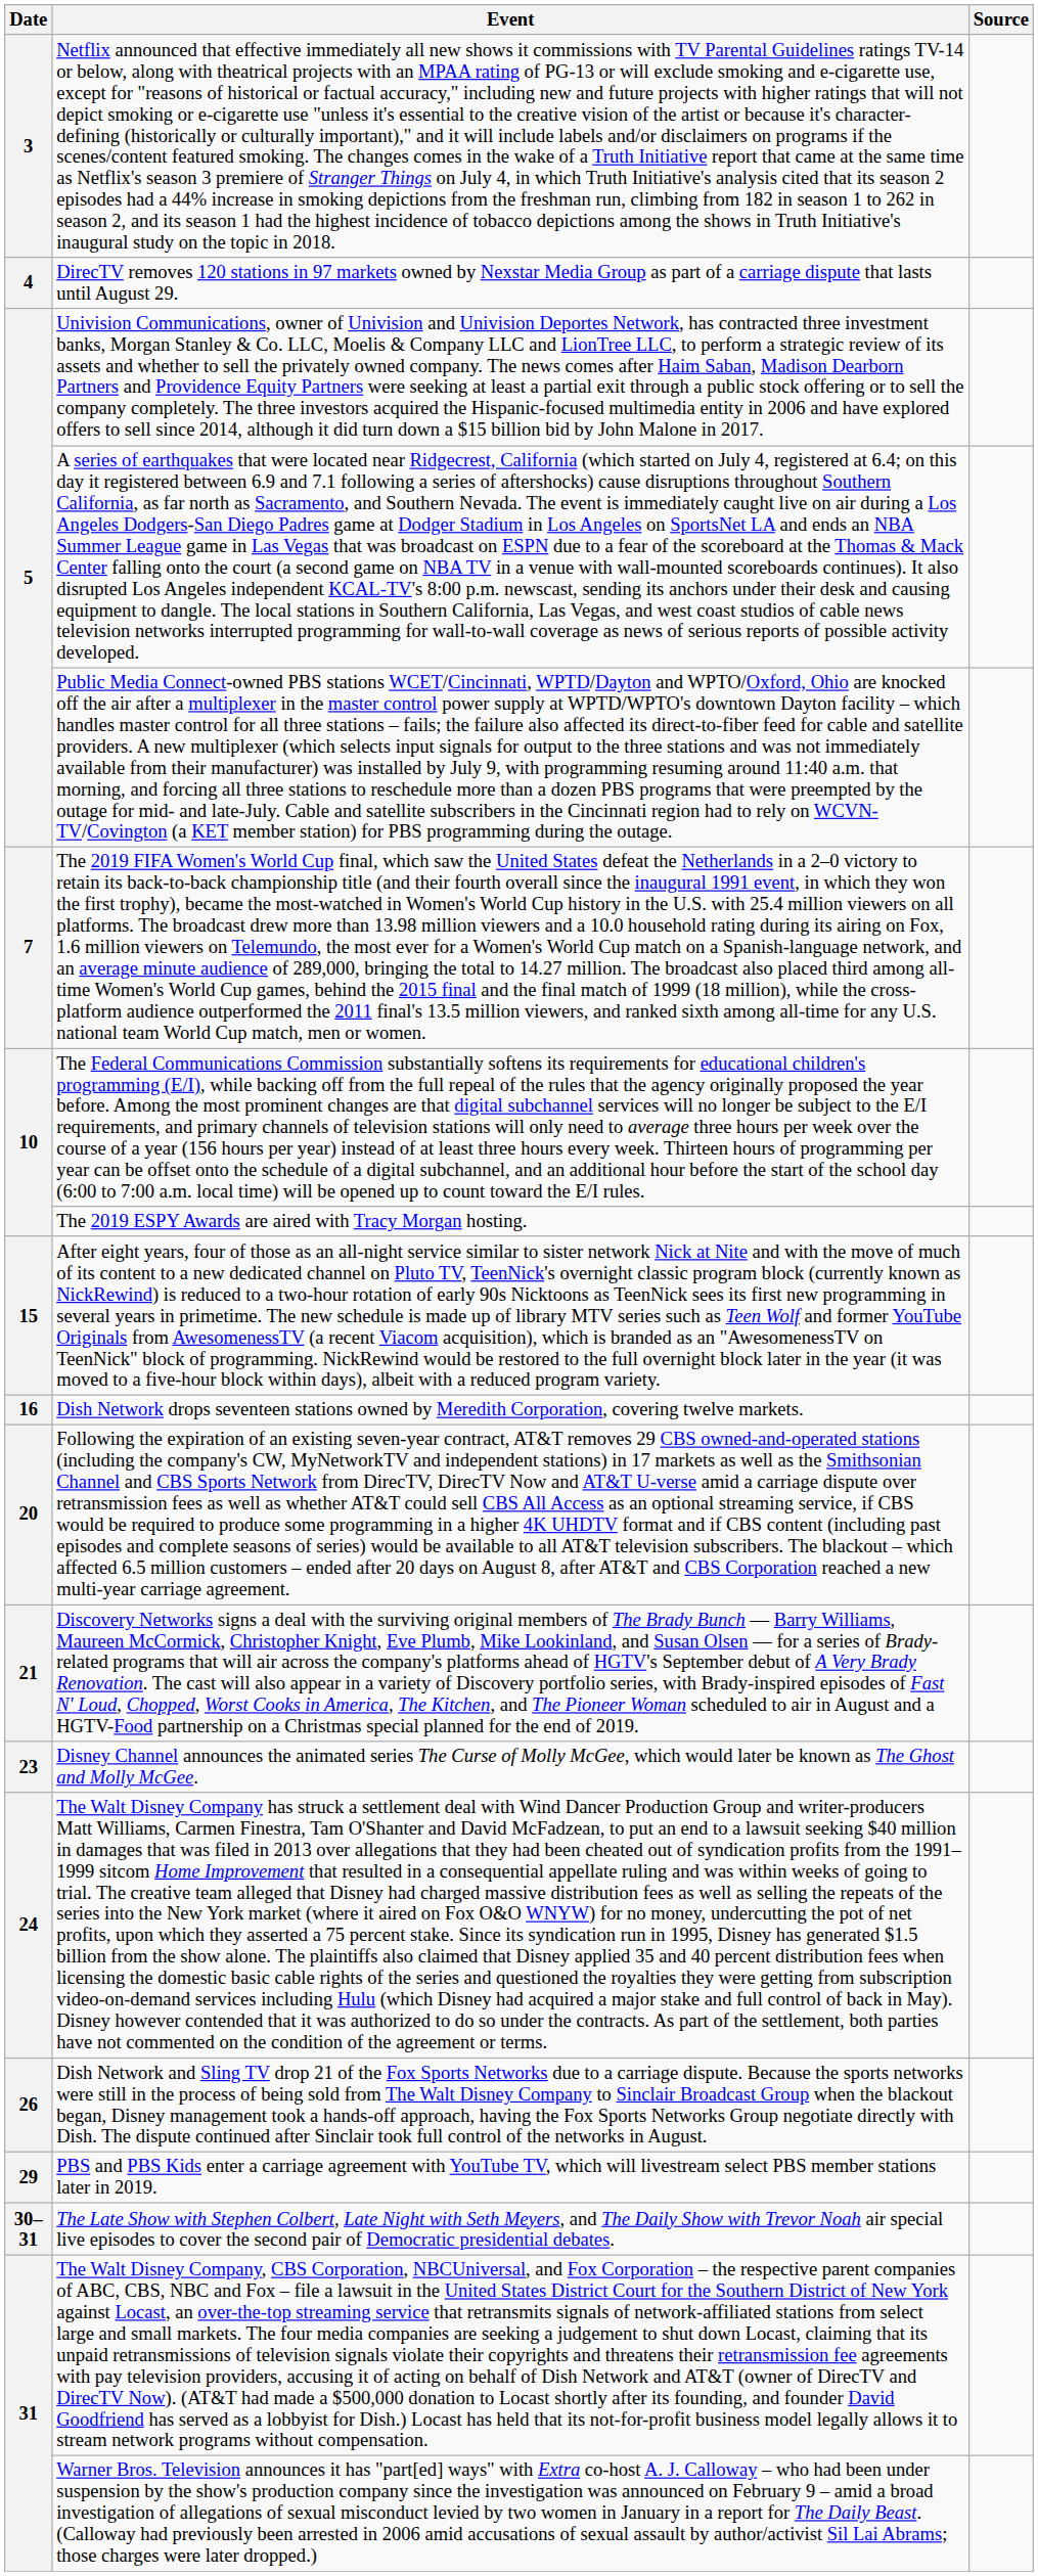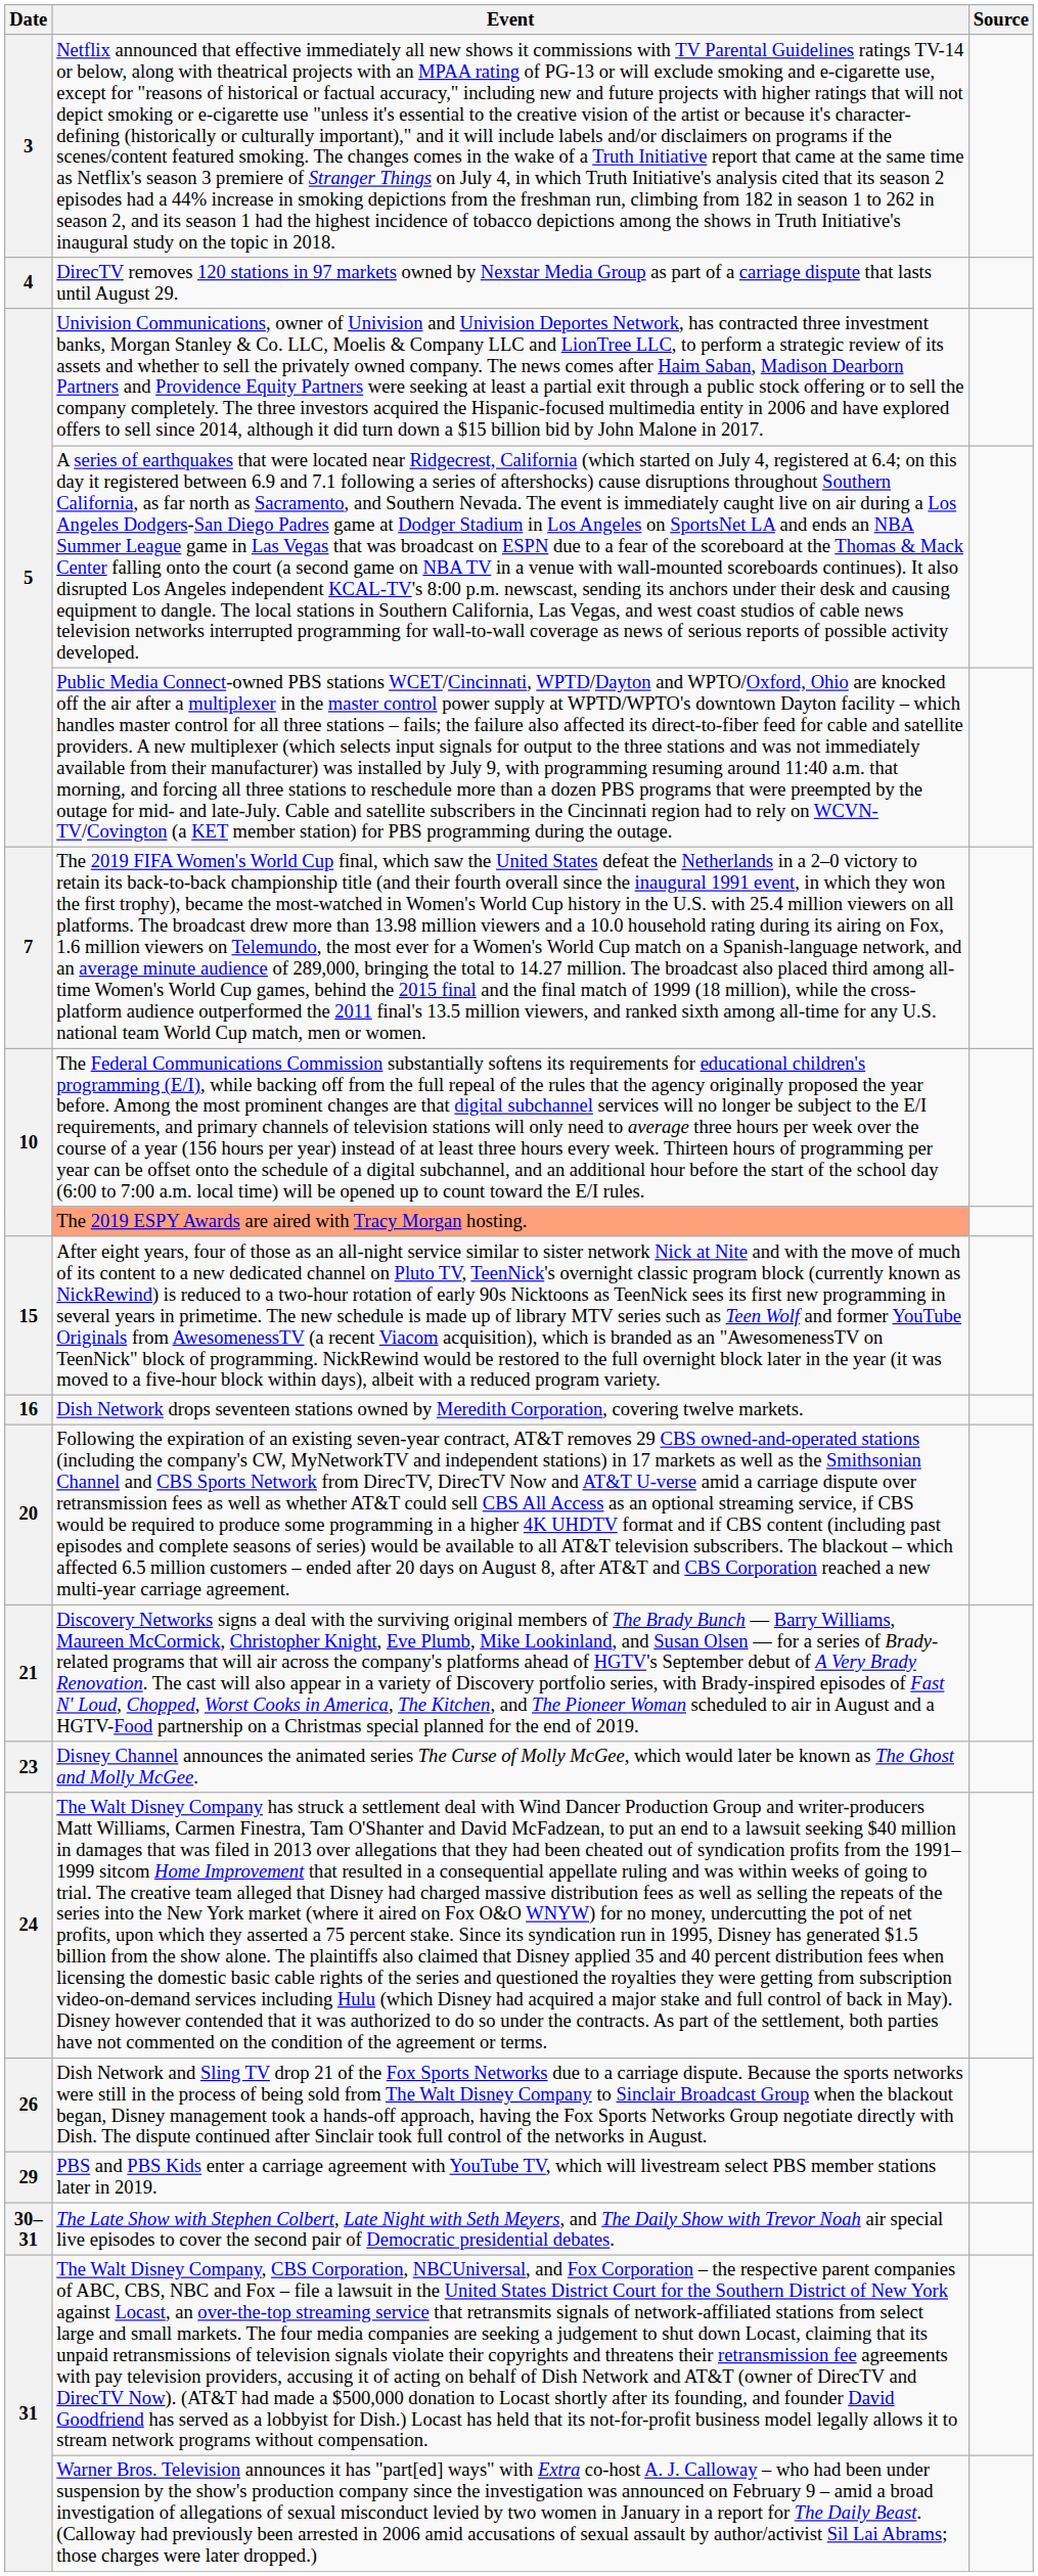 <table class="wikitable">
 <tr>
 <th>Date</th>
 <th>Event</th>
 <th>Source</th>
 </tr>
 <tr>
 <th>3</th>
 <td><a href='#'>Netflix</a> announced that effective immediately all new shows it commissions with <a href='#'>TV Parental Guidelines</a> ratings TV-14 or below, along with theatrical projects with an <a href='#'>MPAA rating</a> of PG-13 or will exclude smoking and e-cigarette use, except for "reasons of historical or factual accuracy," including new and future projects with higher ratings that will not depict smoking or e-cigarette use "unless it's essential to the creative vision of the artist or because it's character-defining (historically or culturally important)," and it will include labels and/or disclaimers on programs if the scenes/content featured smoking. The changes comes in the wake of a <a href='#'>Truth Initiative</a> report that came at the same time as Netflix's season 3 premiere of <em><a href='#'>Stranger Things</a></em> on July 4, in which Truth Initiative's analysis cited that its season 2 episodes had a 44% increase in smoking depictions from the freshman run, climbing from 182 in season 1 to 262 in season 2, and its season 1 had the highest incidence of tobacco depictions among the shows in Truth Initiative's inaugural study on the topic in 2018.</td>
 <td></td>
 </tr>
 <tr>
 <th>4</th>
 <td><a href='#'>DirecTV</a> removes <a href='#'>120 stations in 97 markets</a> owned by <a href='#'>Nexstar Media Group</a> as part of a <a href='#'>carriage dispute</a> that lasts until August 29.</td>
 <td></td>
 </tr>
 <tr>
 <th rowspan=3>5</th>
 <td><a href='#'>Univision Communications</a>, owner of <a href='#'>Univision</a> and <a href='#'>Univision Deportes Network</a>, has contracted three investment banks, Morgan Stanley & Co. LLC, Moelis & Company LLC and <a href='#'>LionTree LLC</a>, to perform a strategic review of its assets and whether to sell the privately owned company. The news comes after <a href='#'>Haim Saban</a>, <a href='#'>Madison Dearborn Partners</a> and <a href='#'>Providence Equity Partners</a> were seeking at least a partial exit through a public stock offering or to sell the company completely. The three investors acquired the Hispanic-focused multimedia entity in 2006 and have explored offers to sell since 2014, although it did turn down a $15 billion bid by John Malone in 2017.</td>
 <td></td>
 </tr>
 <tr>
 <td>A <a href='#'>series of earthquakes</a> that were located near <a href='#'>Ridgecrest, California</a> (which started on July 4, registered at 6.4; on this day it registered between 6.9 and 7.1 following a series of aftershocks) cause disruptions throughout <a href='#'>Southern California</a>, as far north as <a href='#'>Sacramento</a>, and Southern Nevada. The event is immediately caught live on air during a <a href='#'>Los Angeles Dodgers</a>-<a href='#'>San Diego Padres</a> game at <a href='#'>Dodger Stadium</a> in <a href='#'>Los Angeles</a> on <a href='#'>SportsNet LA</a> and ends an <a href='#'>NBA Summer League</a> game in <a href='#'>Las Vegas</a> that was broadcast on <a href='#'>ESPN</a> due to a fear of the scoreboard at the <a href='#'>Thomas & Mack Center</a> falling onto the court (a second game on <a href='#'>NBA TV</a> in a venue with wall-mounted scoreboards continues). It also disrupted Los Angeles independent <a href='#'>KCAL-TV</a>'s 8:00 p.m. newscast, sending its anchors under their desk and causing equipment to dangle. The local stations in Southern California, Las Vegas, and west coast studios of cable news television networks interrupted programming for wall-to-wall coverage as news of serious reports of possible activity developed.</td>
 <td><br></td>
 </tr>
 <tr>
 <td><a href='#'>Public Media Connect</a>-owned PBS stations <a href='#'>WCET</a>/<a href='#'>Cincinnati</a>, <a href='#'>WPTD</a>/<a href='#'>Dayton</a> and WPTO/<a href='#'>Oxford, Ohio</a> are knocked off the air after a <a href='#'>multiplexer</a> in the <a href='#'>master control</a> power supply at WPTD/WPTO's downtown Dayton facility – which handles master control for all three stations – fails; the failure also affected its direct-to-fiber feed for cable and satellite providers. A new multiplexer (which selects input signals for output to the three stations and was not immediately available from their manufacturer) was installed by July 9, with programming resuming around 11:40 a.m. that morning, and forcing all three stations to reschedule more than a dozen PBS programs that were preempted by the outage for mid- and late-July. Cable and satellite subscribers in the Cincinnati region had to rely on <a href='#'>WCVN-TV</a>/<a href='#'>Covington</a> (a <a href='#'>KET</a> member station) for PBS programming during the outage.</td>
 <td></td>
 </tr>
 <tr>
 <th>7</th>
 <td>The <a href='#'>2019 FIFA Women's World Cup</a> final, which saw the <a href='#'>United States</a> defeat the <a href='#'>Netherlands</a> in a 2–0 victory to retain its back-to-back championship title (and their fourth overall since the <a href='#'>inaugural 1991 event</a>, in which they won the first trophy), became the most-watched in Women's World Cup history in the U.S. with 25.4 million viewers on all platforms. The broadcast drew more than 13.98 million viewers and a 10.0 household rating during its airing on Fox, 1.6 million viewers on <a href='#'>Telemundo</a>, the most ever for a Women's World Cup match on a Spanish-language network, and an <a href='#'>average minute audience</a> of 289,000, bringing the total to 14.27 million. The broadcast also placed third among all-time Women's World Cup games, behind the <a href='#'>2015 final</a> and the final match of 1999 (18 million), while the cross-platform audience outperformed the <a href='#'>2011</a> final's 13.5 million viewers, and ranked sixth among all-time for any U.S. national team World Cup match, men or women.</td>
 <td></td>
 </tr>
 <tr>
 <th rowspan="2">10</th>
 <td>The <a href='#'>Federal Communications Commission</a> substantially softens its requirements for <a href='#'>educational children's programming (E/I)</a>, while backing off from the full repeal of the rules that the agency originally proposed the year before. Among the most prominent changes are that <a href='#'>digital subchannel</a> services will no longer be subject to the E/I requirements, and primary channels of television stations will only need to <em>average</em> three hours per week over the course of a year (156 hours per year) instead of at least three hours every week. Thirteen hours of programming per year can be offset onto the schedule of a digital subchannel, and an additional hour before the start of the school day (6:00 to 7:00 a.m. local time) will be opened up to count toward the E/I rules.</td>
 <td></td>
 </tr>
 <tr>
-<td>The <a href='#'>2019 ESPY Awards</a> are aired with <a href='#'>Tracy Morgan</a> hosting.</td>
+<td style="background: lightsalmon;">The <a href='#'>2019 ESPY Awards</a> are aired with <a href='#'>Tracy Morgan</a> hosting.</td>
 <td></td>
 </tr>
 <tr>
 <th>15</th>
 <td>After eight years, four of those as an all-night service similar to sister network <a href='#'>Nick at Nite</a> and with the move of much of its content to a new dedicated channel on <a href='#'>Pluto TV</a>, <a href='#'>TeenNick</a>'s overnight classic program block (currently known as <a href='#'>NickRewind</a>) is reduced to a two-hour rotation of early 90s Nicktoons as TeenNick sees its first new programming in several years in primetime. The new schedule is made up of library MTV series such as <em><a href='#'>Teen Wolf</a></em> and former <a href='#'>YouTube Originals</a> from <a href='#'>AwesomenessTV</a> (a recent <a href='#'>Viacom</a> acquisition), which is branded as an "AwesomenessTV on TeenNick" block of programming. NickRewind would be restored to the full overnight block later in the year (it was moved to a five-hour block within days), albeit with a reduced program variety.</td>
 <td></td>
 </tr>
 <tr>
 <th>16</th>
 <td><a href='#'>Dish Network</a> drops seventeen stations owned by <a href='#'>Meredith Corporation</a>, covering twelve markets.</td>
 <td></td>
 </tr>
 <tr>
 <th>20</th>
 <td>Following the expiration of an existing seven-year contract, AT&T removes 29 <a href='#'>CBS owned-and-operated stations</a> (including the company's CW, MyNetworkTV and independent stations) in 17 markets as well as the <a href='#'>Smithsonian Channel</a> and <a href='#'>CBS Sports Network</a> from DirecTV, DirecTV Now and <a href='#'>AT&T U-verse</a> amid a carriage dispute over retransmission fees as well as whether AT&T could sell <a href='#'>CBS All Access</a> as an optional streaming service, if CBS would be required to produce some programming in a higher <a href='#'>4K UHDTV</a> format and if CBS content (including past episodes and complete seasons of series) would be available to all AT&T television subscribers. The blackout – which affected 6.5 million customers – ended after 20 days on August 8, after AT&T and <a href='#'>CBS Corporation</a> reached a new multi-year carriage agreement.</td>
 <td></td>
 </tr>
 <tr>
 <th>21</th>
 <td><a href='#'>Discovery Networks</a> signs a deal with the surviving original members of <em><a href='#'>The Brady Bunch</a></em> — <a href='#'>Barry Williams</a>, <a href='#'>Maureen McCormick</a>, <a href='#'>Christopher Knight</a>, <a href='#'>Eve Plumb</a>, <a href='#'>Mike Lookinland</a>, and <a href='#'>Susan Olsen</a> — for a series of <em>Brady</em>-related programs that will air across the company's platforms ahead of <a href='#'>HGTV</a>'s September debut of <em><a href='#'>A Very Brady Renovation</a></em>.  The cast will also appear in a variety of Discovery portfolio series, with Brady-inspired episodes of <em><a href='#'>Fast N' Loud</a></em>, <em><a href='#'>Chopped</a></em>, <em><a href='#'>Worst Cooks in America</a></em>, <em><a href='#'>The Kitchen</a></em>, and <em><a href='#'>The Pioneer Woman</a></em> scheduled to air in August and a HGTV-<a href='#'>Food</a> partnership on a Christmas special planned for the end of 2019.</td>
 <td></td>
 </tr>
 <tr>
 <th>23</th>
 <td><a href='#'>Disney Channel</a> announces the animated series <em>The Curse of Molly McGee</em>, which would later be known as <em><a href='#'>The Ghost and Molly McGee</a></em>.</td>
 <td></td>
 </tr>
 <tr>
 <th>24</th>
 <td><a href='#'>The Walt Disney Company</a> has struck a settlement deal with Wind Dancer Production Group and writer-producers Matt Williams, Carmen Finestra, Tam O'Shanter and David McFadzean, to put an end to a lawsuit seeking $40 million in damages that was filed in 2013 over allegations that they had been cheated out of syndication profits from the 1991–1999 sitcom <em><a href='#'>Home Improvement</a></em> that resulted in a consequential appellate ruling and was within weeks of going to trial. The creative team alleged that Disney had charged massive distribution fees as well as selling the repeats of the series into the New York market (where it aired on Fox O&O <a href='#'>WNYW</a>) for no money, undercutting the pot of net profits, upon which they asserted a 75 percent stake. Since its syndication run in 1995, Disney has generated $1.5 billion from the show alone. The plaintiffs also claimed that Disney applied 35 and 40 percent distribution fees when licensing the domestic basic cable rights of the series and questioned the royalties they were getting from subscription video-on-demand services including <a href='#'>Hulu</a> (which Disney had acquired a major stake and full control of back in May). Disney however contended that it was authorized to do so under the contracts. As part of the settlement, both parties have not commented on the condition of the agreement or terms.</td>
 <td></td>
 </tr>
 <tr>
 <th>26</th>
 <td>Dish Network and <a href='#'>Sling TV</a> drop 21 of the <a href='#'>Fox Sports Networks</a> due to a carriage dispute. Because the sports networks were still in the process of being sold from <a href='#'>The Walt Disney Company</a> to <a href='#'>Sinclair Broadcast Group</a> when the blackout began, Disney management took a hands-off approach, having the Fox Sports Networks Group negotiate directly with Dish. The dispute continued after Sinclair took full control of the networks in August.</td>
 <td><br></td>
 </tr>
 <tr>
 <th>29</th>
 <td><a href='#'>PBS</a> and <a href='#'>PBS Kids</a> enter a carriage agreement with <a href='#'>YouTube TV</a>, which will livestream select PBS member stations later in 2019.</td>
 <td></td>
 </tr>
 <tr>
 <th>30–31</th>
 <td><em><a href='#'>The Late Show with Stephen Colbert</a></em>, <em><a href='#'>Late Night with Seth Meyers</a></em>, and <em><a href='#'>The Daily Show with Trevor Noah</a></em> air special live episodes to cover the second pair of <a href='#'>Democratic presidential debates</a>.</td>
 <td><br></td>
 </tr>
 <tr>
 <th rowspan=2>31</th>
 <td><a href='#'>The Walt Disney Company</a>, <a href='#'>CBS Corporation</a>, <a href='#'>NBCUniversal</a>, and <a href='#'>Fox Corporation</a> – the respective parent companies of ABC, CBS, NBC and Fox – file a lawsuit in the <a href='#'>United States District Court for the Southern District of New York</a> against <a href='#'>Locast</a>, an <a href='#'>over-the-top streaming service</a> that retransmits signals of network-affiliated stations from select large and small markets. The four media companies are seeking a judgement to shut down Locast, claiming that its unpaid retransmissions of television signals violate their copyrights and threatens their <a href='#'>retransmission fee</a> agreements with pay television providers, accusing it of acting on behalf of Dish Network and AT&T (owner of DirecTV and <a href='#'>DirecTV Now</a>). (AT&T had made a $500,000 donation to Locast shortly after its founding, and founder <a href='#'>David Goodfriend</a> has served as a lobbyist for Dish.) Locast has held that its not-for-profit business model legally allows it to stream network programs without compensation.</td>
 <td></td>
 </tr>
 <tr>
 <td><a href='#'>Warner Bros. Television</a> announces it has "part[ed] ways" with <em><a href='#'>Extra</a></em> co-host <a href='#'>A. J. Calloway</a> – who had been under suspension by the show's production company since the investigation was announced on February 9 – amid a broad investigation of allegations of sexual misconduct levied by two women in January in a report for <em><a href='#'>The Daily Beast</a></em>. (Calloway had previously been arrested in 2006 amid accusations of sexual assault by author/activist <a href='#'>Sil Lai Abrams</a>; those charges were later dropped.)</td>
 <td></td>
 </tr>
 </table>
